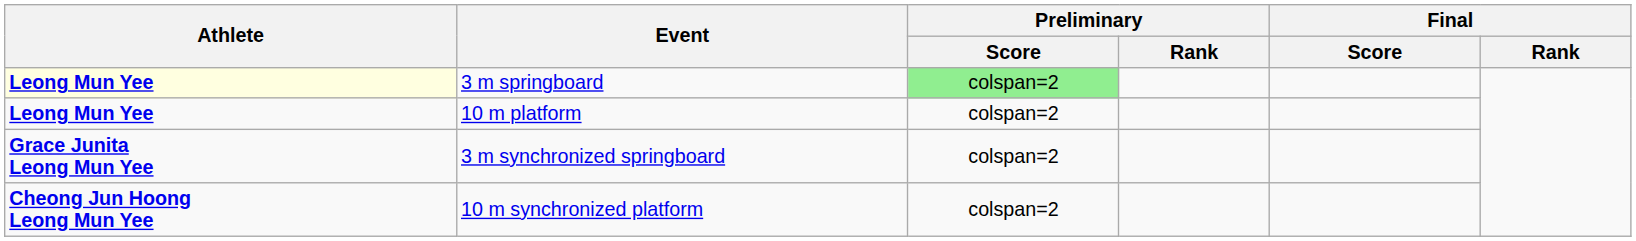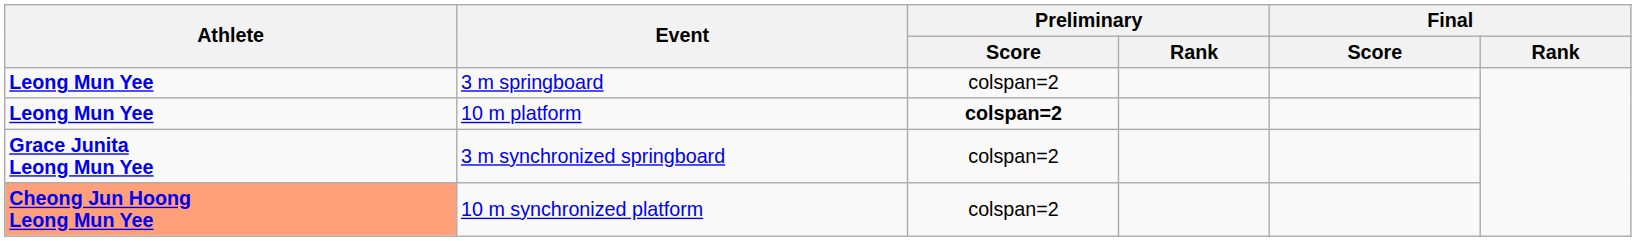 <table class="wikitable" width="75%" style="text-align:center; font-size:90%;">
 <tr>
 <th rowspan="2" width="15%">Athlete</th>
 <th rowspan="2" width="15%">Event</th>
 <th colspan="2" width="12%">Preliminary</th>
 <th colspan="2" width="12%">Final</th>
 </tr>
 <tr>
 <th width="7%">Score</th>
 <th>Rank</th>
 <th width="7%">Score</th>
 <th>Rank</th>
 </tr>
 <tr>
-<td align=left style="background: lightyellow;"><strong><a href='#'>Leong Mun Yee</a></strong></td>
+<td align=left><strong><a href='#'>Leong Mun Yee</a></strong></td>
 <td align=left><a href='#'>3 m springboard</a></td>
-<td style="background: lightgreen;">colspan=2 </td>
+<td>colspan=2 </td>
 <td></td>
 <td></td>
 </tr>
 <tr>
 <td align=left><strong><a href='#'>Leong Mun Yee</a></strong></td>
 <td align=left><a href='#'>10 m platform</a></td>
-<td>colspan=2 </td>
+<td><strong>colspan=2 </strong></td>
 <td></td>
 <td></td>
 </tr>
 <tr>
 <td align=left><strong><a href='#'>Grace Junita</a><br><a href='#'>Leong Mun Yee</a></strong></td>
 <td align=left><a href='#'>3 m synchronized springboard</a></td>
 <td>colspan=2 </td>
 <td></td>
 <td></td>
 </tr>
 <tr>
-<td align=left><strong><a href='#'>Cheong Jun Hoong</a><br><a href='#'>Leong Mun Yee</a></strong></td>
+<td align=left style="background: lightsalmon;"><strong><a href='#'>Cheong Jun Hoong</a><br><a href='#'>Leong Mun Yee</a></strong></td>
 <td align=left><a href='#'>10 m synchronized platform</a></td>
 <td>colspan=2 </td>
 <td></td>
 <td></td>
 </tr>
 </table>
